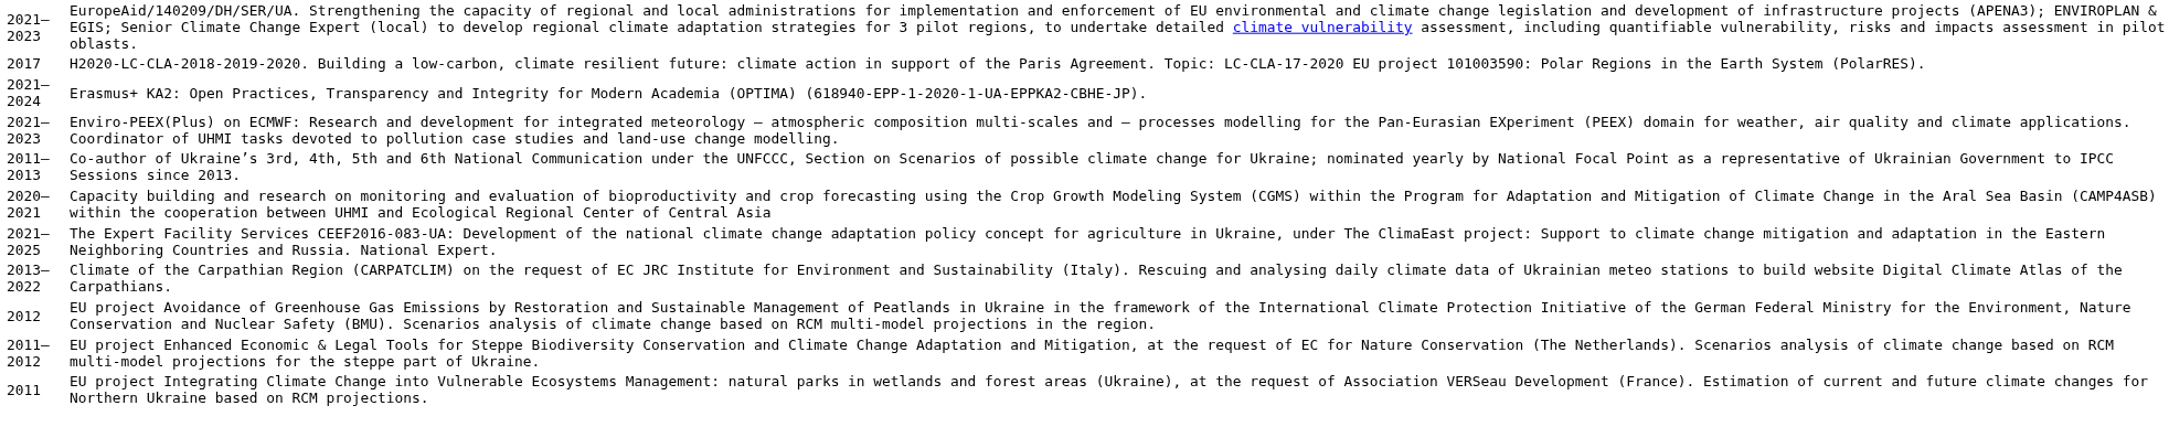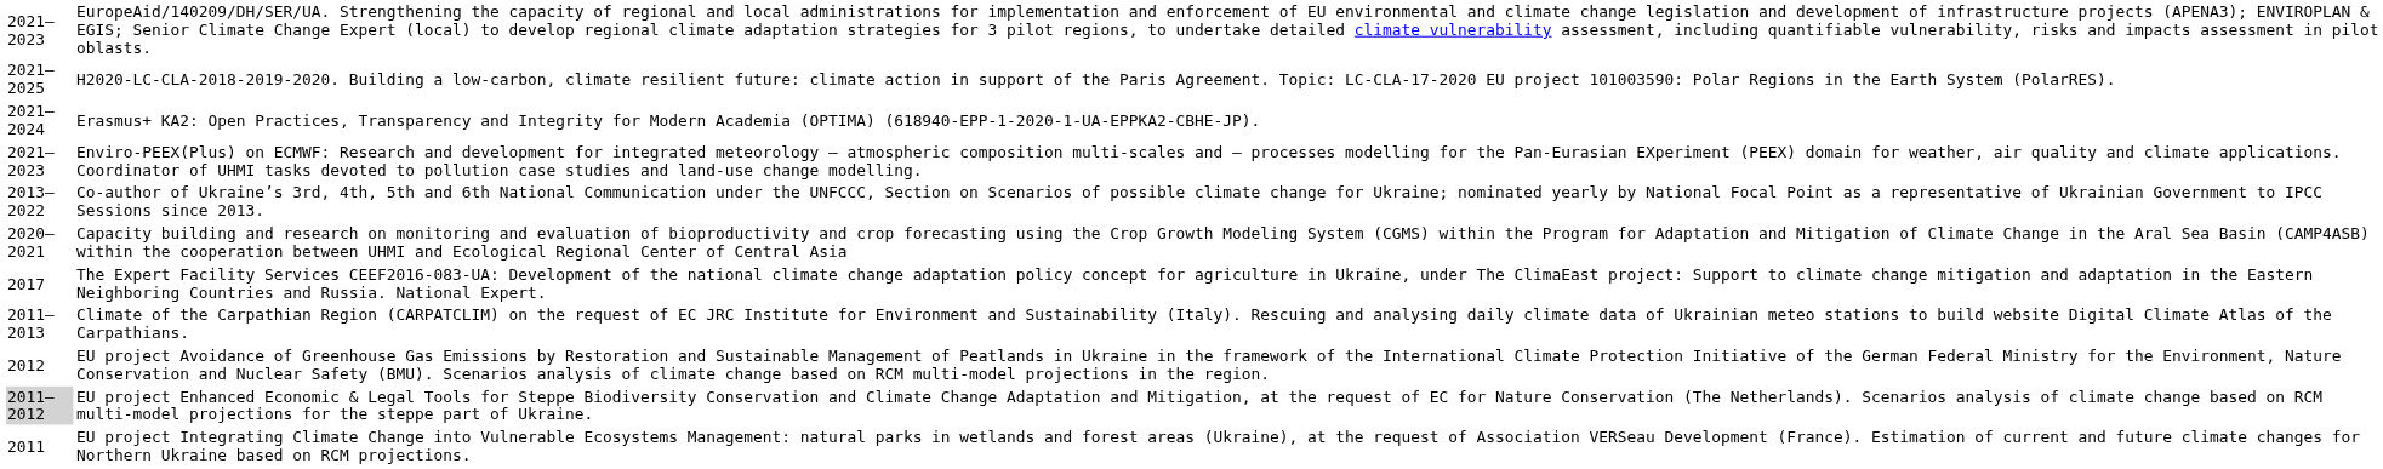 <table>
 <tr>
 <td>2021–2023</td>
 <td>EuropeAid/140209/DH/SER/UA. Strengthening the capacity of regional and local administrations for implementation and enforcement of EU environmental and climate change legislation and development of infrastructure projects (APENA3); ENVIROPLAN & EGIS; Senior Climate Change Expert (local) to develop regional climate adaptation strategies for 3 pilot regions, to undertake detailed <a href='#'>climate vulnerability</a> assessment, including quantifiable vulnerability, risks and impacts assessment in pilot oblasts.</td>
 </tr>
 <tr>
-<td>2017</td>
+<td>2021–2025</td>
 <td>H2020-LC-CLA-2018-2019-2020. Building a low-carbon, climate resilient future: climate action in support of the Paris Agreement. Topic: LC-CLA-17-2020 EU project 101003590: Polar Regions in the Earth System (PolarRES).</td>
 </tr>
 <tr>
 <td>2021–2024</td>
 <td>Erasmus+ KA2: Open Practices, Transparency and Integrity for Modern Academia (OPTIMA) (618940-EPP-1-2020-1-UA-EPPKA2-CBHE-JP).</td>
 </tr>
 <tr>
 <td>2021–2023</td>
 <td>Enviro-PEEX(Plus) on ECMWF: Research and development for integrated meteorology – atmospheric composition multi-scales and – processes modelling for the Pan-Eurasian EXperiment (PEEX) domain for weather, air quality and climate applications. Coordinator of UHMI tasks devoted to pollution case studies and land-use change modelling.</td>
 </tr>
 <tr>
-<td>2011–2013</td>
+<td>2013–2022</td>
 <td>Co-author of Ukraine’s 3rd, 4th, 5th and 6th National Communication under the UNFCCC, Section on Scenarios of possible climate change for Ukraine; nominated yearly by National Focal Point as a representative of Ukrainian Government to IPCC Sessions since 2013.</td>
 </tr>
 <tr>
 <td>2020–2021</td>
 <td>Capacity building and research on monitoring and evaluation of bioproductivity and crop forecasting using the Crop Growth Modeling System (CGMS) within the Program for Adaptation and Mitigation of Climate Change in the Aral Sea Basin (CAMP4ASB) within the cooperation between UHMI and Ecological Regional Center of Central Asia</td>
 </tr>
 <tr>
-<td>2021–2025</td>
+<td>2017</td>
 <td>The Expert Facility Services CEEF2016-083-UA: Development of the national climate change adaptation policy concept for agriculture in Ukraine, under The ClimaEast project: Support to climate change mitigation and adaptation in the Eastern Neighboring Countries and Russia. National Expert.</td>
 </tr>
 <tr>
-<td>2013–2022</td>
+<td>2011–2013</td>
 <td>Climate of the Carpathian Region (CARPATCLIM) on the request of EC JRC Institute for Environment and Sustainability (Italy). Rescuing and analysing daily climate data of Ukrainian meteo stations to build website Digital Climate Atlas of the Carpathians.</td>
 </tr>
 <tr>
 <td>2012</td>
 <td>EU project Avoidance of Greenhouse Gas Emissions by Restoration and Sustainable Management of Peatlands in Ukraine in the framework of the International Climate Protection Initiative of the German Federal Ministry for the Environment, Nature Conservation and Nuclear Safety (BMU). Scenarios analysis of climate change based on RCM multi-model projections in the region.</td>
 </tr>
 <tr>
-<td>2011–2012</td>
+<td style="background: lightgrey;">2011–2012</td>
 <td>EU project Enhanced Economic & Legal Tools for Steppe Biodiversity Conservation and Climate Change Adaptation and Mitigation, at the request of EC for Nature Conservation (The Netherlands). Scenarios analysis of climate change based on RCM multi-model projections for the steppe part of Ukraine.</td>
 </tr>
 <tr>
 <td>2011</td>
 <td>EU project Integrating Climate Change into Vulnerable Ecosystems Management: natural parks in wetlands and forest areas (Ukraine), at the request of Association VERSeau Development (France). Estimation of current and future climate changes for Northern Ukraine based on RCM projections.</td>
 </tr>
 </table>
